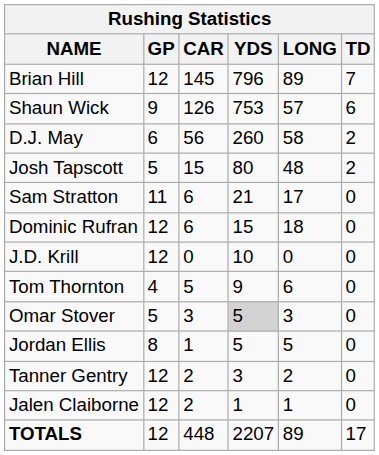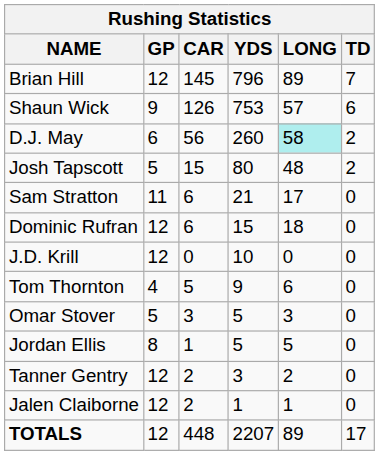 <table class="wikitable sortable collapsible collapsed">
 <tr>
 <th colspan="7">Rushing Statistics</th>
 </tr>
 <tr>
 <th>NAME</th>
 <th>GP</th>
 <th>CAR</th>
 <th>YDS</th>
 <th>LONG</th>
 <th>TD</th>
 </tr>
 <tr>
 <td>Brian Hill</td>
 <td>12</td>
 <td>145</td>
 <td>796</td>
 <td>89</td>
 <td>7</td>
 </tr>
 <tr>
 <td>Shaun Wick</td>
 <td>9</td>
 <td>126</td>
 <td>753</td>
 <td>57</td>
 <td>6</td>
 </tr>
 <tr>
 <td>D.J. May</td>
 <td>6</td>
 <td>56</td>
 <td>260</td>
-<td>58</td>
+<td style="background: paleturquoise;">58</td>
 <td>2</td>
 </tr>
 <tr>
 <td>Josh Tapscott</td>
 <td>5</td>
 <td>15</td>
 <td>80</td>
 <td>48</td>
 <td>2</td>
 </tr>
 <tr>
 <td>Sam Stratton</td>
 <td>11</td>
 <td>6</td>
 <td>21</td>
 <td>17</td>
 <td>0</td>
 </tr>
 <tr>
 <td>Dominic Rufran</td>
 <td>12</td>
 <td>6</td>
 <td>15</td>
 <td>18</td>
 <td>0</td>
 </tr>
 <tr>
 <td>J.D. Krill</td>
 <td>12</td>
 <td>0</td>
 <td>10</td>
 <td>0</td>
 <td>0</td>
 </tr>
 <tr>
 <td>Tom Thornton</td>
 <td>4</td>
 <td>5</td>
 <td>9</td>
 <td>6</td>
 <td>0</td>
 </tr>
 <tr>
 <td>Omar Stover</td>
 <td>5</td>
 <td>3</td>
-<td style="background: lightgrey;">5</td>
+<td>5</td>
 <td>3</td>
 <td>0</td>
 </tr>
 <tr>
 <td>Jordan Ellis</td>
 <td>8</td>
 <td>1</td>
 <td>5</td>
 <td>5</td>
 <td>0</td>
 </tr>
 <tr>
 <td>Tanner Gentry</td>
 <td>12</td>
 <td>2</td>
 <td>3</td>
 <td>2</td>
 <td>0</td>
 </tr>
 <tr>
 <td>Jalen Claiborne</td>
 <td>12</td>
 <td>2</td>
 <td>1</td>
 <td>1</td>
 <td>0</td>
 </tr>
 <tr>
 <td><strong>TOTALS</strong></td>
 <td>12</td>
 <td>448</td>
 <td>2207</td>
 <td>89</td>
 <td>17</td>
 </tr>
 </table>
